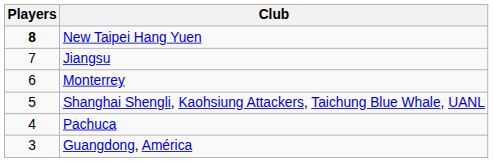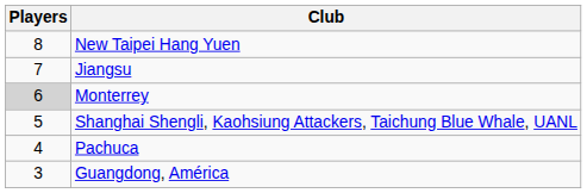 <table class="wikitable">
 <tr>
 <th>Players</th>
 <th>Club</th>
 </tr>
 <tr>
-<td align="center"><strong>8</strong></td>
+<td align="center">8</td>
 <td> <a href='#'>New Taipei Hang Yuen</a></td>
 </tr>
 <tr>
 <td align="center">7</td>
 <td> <a href='#'>Jiangsu</a></td>
 </tr>
 <tr>
-<td align="center">6</td>
+<td align="center" style="background: lightgrey;">6</td>
 <td> <a href='#'> Monterrey</a></td>
 </tr>
 <tr>
 <td align="center">5</td>
 <td> <a href='#'>Shanghai Shengli</a>,  <a href='#'>Kaohsiung Attackers</a>,  <a href='#'>Taichung Blue Whale</a>,  <a href='#'>UANL</a></td>
 </tr>
 <tr>
 <td align="center">4</td>
 <td> <a href='#'>Pachuca</a></td>
 </tr>
 <tr>
 <td align="center">3</td>
 <td> <a href='#'>Guangdong</a>,  <a href='#'>América</a></td>
 </tr>
 </table>
